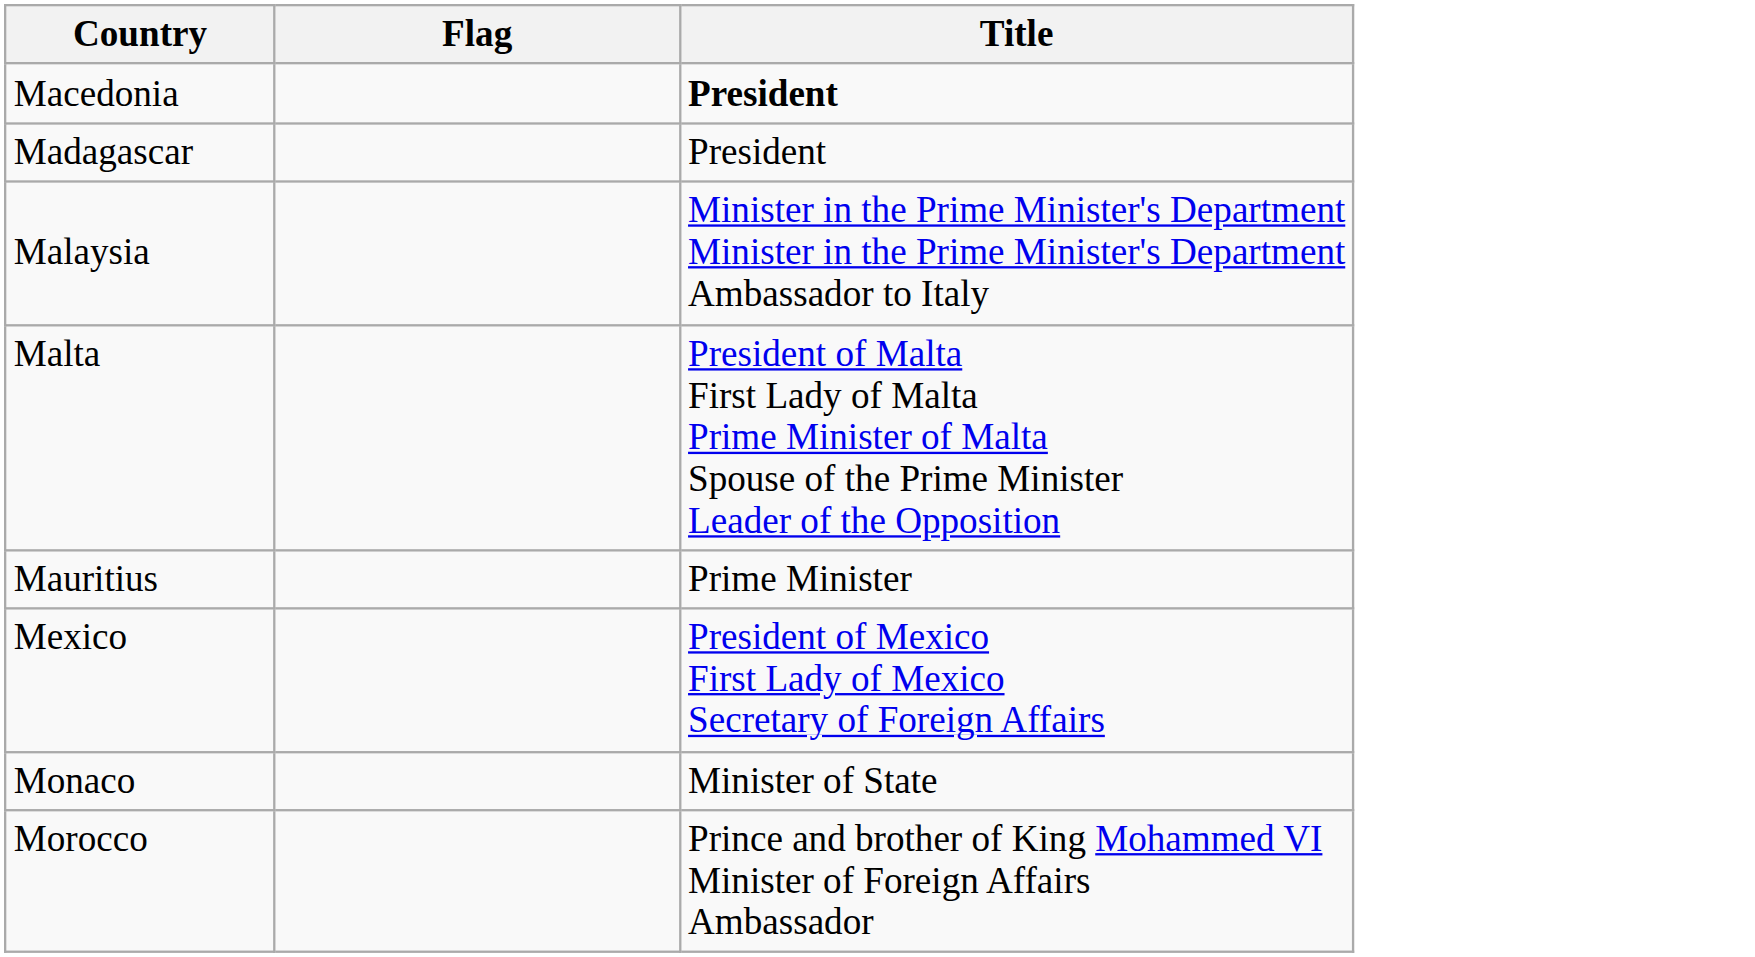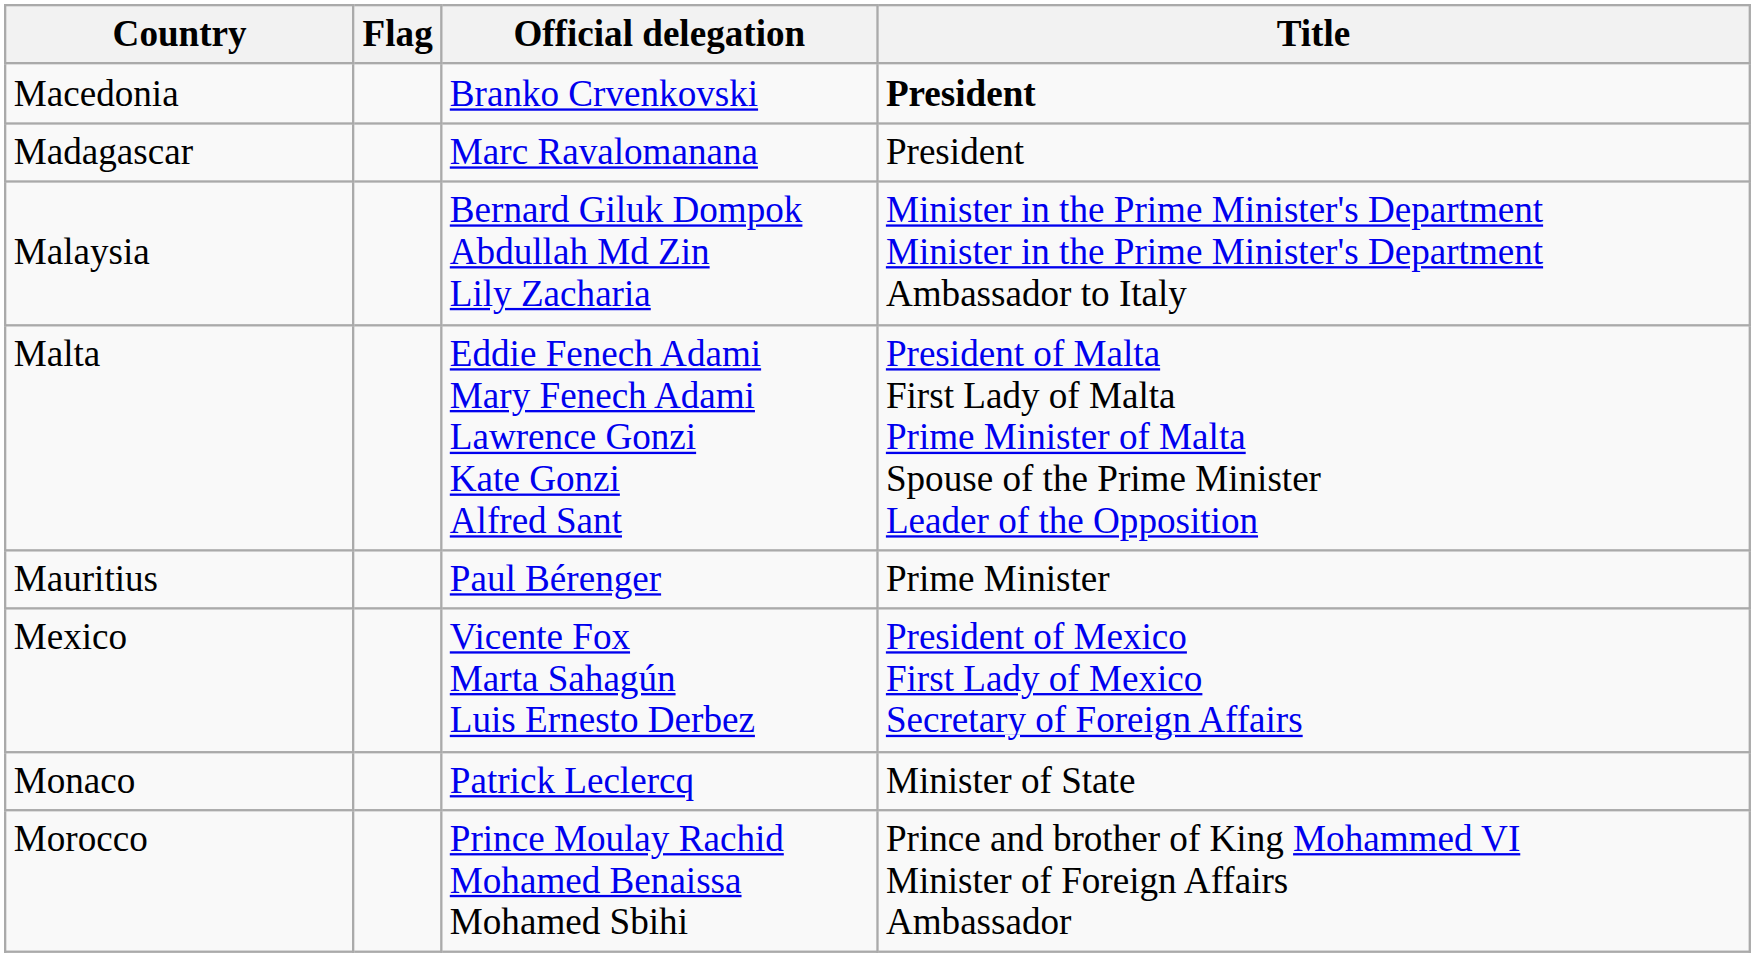 <table class="wikitable">
 <tr>
 <th style="width:20%;">Country</th>
 <th>Flag</th>
+<th style="width:25%;">Official delegation</th>
 <th style="width:50%;">Title</th>
 </tr>
 <tr valign="top">
 <td>Macedonia</td>
 <td></td>
+<td><a href='#'>Branko Crvenkovski</a></td>
 <td><strong>President</strong></td>
 </tr>
 <tr valign="top">
 <td>Madagascar</td>
 <td></td>
+<td><a href='#'>Marc Ravalomanana</a></td>
 <td>President</td>
 </tr>
 <tr>
 <td>Malaysia</td>
 <td></td>
+<td><a href='#'>Bernard Giluk Dompok</a><br><a href='#'>Abdullah Md Zin</a><br><a href='#'>Lily Zacharia</a></td>
 <td><a href='#'>Minister in the Prime Minister's Department</a><br><a href='#'>Minister in the Prime Minister's Department</a><br>Ambassador to Italy</td>
 </tr>
 <tr valign="top">
 <td>Malta</td>
 <td></td>
+<td><a href='#'>Eddie Fenech Adami</a><br><a href='#'>Mary Fenech Adami</a><br><a href='#'>Lawrence Gonzi</a><br><a href='#'>Kate Gonzi</a><br><a href='#'>Alfred Sant</a></td>
 <td><a href='#'>President of Malta</a><br>First Lady of Malta<br><a href='#'>Prime Minister of Malta</a><br>Spouse of the Prime Minister<br><a href='#'>Leader of the Opposition</a></td>
 </tr>
 <tr valign="top">
 <td>Mauritius</td>
 <td></td>
+<td><a href='#'>Paul Bérenger</a></td>
 <td>Prime Minister</td>
 </tr>
 <tr valign="top">
 <td>Mexico</td>
 <td></td>
+<td><a href='#'>Vicente Fox</a><br><a href='#'>Marta Sahagún</a><br><a href='#'>Luis Ernesto Derbez</a></td>
 <td><a href='#'>President of Mexico</a><br><a href='#'>First Lady of Mexico</a><br><a href='#'>Secretary of Foreign Affairs</a></td>
 </tr>
 <tr valign="top">
 <td>Monaco</td>
 <td></td>
+<td><a href='#'>Patrick Leclercq</a></td>
 <td>Minister of State</td>
 </tr>
 <tr valign="top">
 <td>Morocco</td>
 <td></td>
+<td><a href='#'>Prince Moulay Rachid</a><br><a href='#'>Mohamed Benaissa</a><br>Mohamed Sbihi</td>
 <td>Prince and brother of King <a href='#'>Mohammed VI</a><br>Minister of Foreign Affairs<br>Ambassador</td>
 </tr>
 </table>
